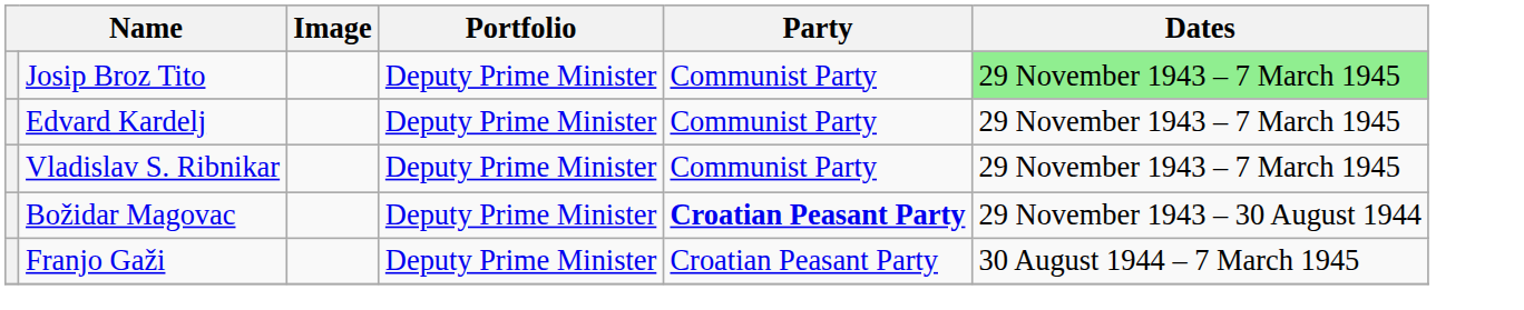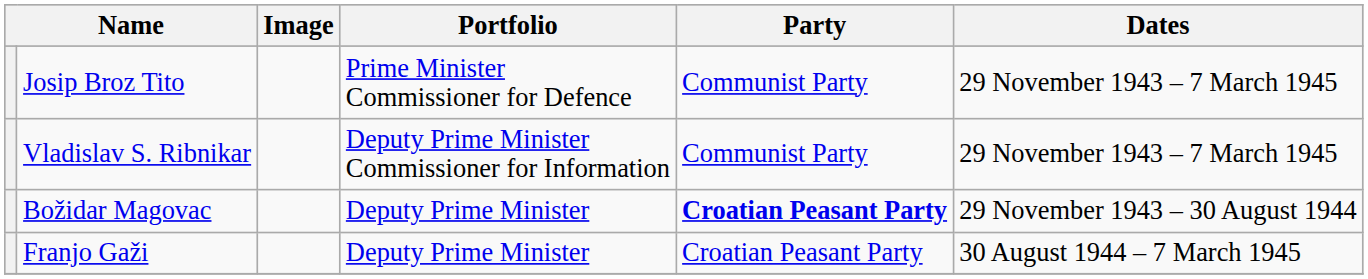 <table class="wikitable">
 <tr>
 <th colspan=2>Name</th>
 <th>Image</th>
 <th>Portfolio</th>
 <th>Party</th>
 <th>Dates</th>
 </tr>
 <tr>
 <th style="background-color: "></th>
 <td><a href='#'>Josip Broz Tito</a></td>
 <td></td>
-<td><a href='#'>Deputy Prime Minister</a></td>
-<td><a href='#'>Communist Party</a></td>
-<td style="background: lightgreen;">29 November 1943 – 7 March 1945</td>
-</tr>
-<tr>
-<th style="background-color: "></th>
-<td><a href='#'>Edvard Kardelj</a></td>
-<td></td>
-<td><a href='#'>Deputy Prime Minister</a></td>
+<td><a href='#'>Prime Minister</a><br>Commissioner for Defence</td>
 <td><a href='#'>Communist Party</a></td>
 <td>29 November 1943 – 7 March 1945</td>
 </tr>
 <tr>
 <th style="background-color: "></th>
 <td><a href='#'>Vladislav S. Ribnikar</a></td>
 <td></td>
-<td><a href='#'>Deputy Prime Minister</a></td>
+<td><a href='#'>Deputy Prime Minister</a><br>Commissioner for Information</td>
 <td><a href='#'>Communist Party</a></td>
 <td>29 November 1943 – 7 March 1945</td>
 </tr>
 <tr>
 <th style="background-color: "></th>
 <td><a href='#'>Božidar Magovac</a></td>
 <td></td>
 <td><a href='#'>Deputy Prime Minister</a></td>
 <td><strong><a href='#'>Croatian Peasant Party</a></strong></td>
 <td>29 November 1943 – 30 August 1944</td>
 </tr>
 <tr>
 <th style="background-color: "></th>
 <td><a href='#'>Franjo Gaži</a></td>
 <td></td>
 <td><a href='#'>Deputy Prime Minister</a></td>
 <td><a href='#'>Croatian Peasant Party</a></td>
 <td>30 August 1944 – 7 March 1945</td>
 </tr>
 <tr>
 </tr>
 </table>
